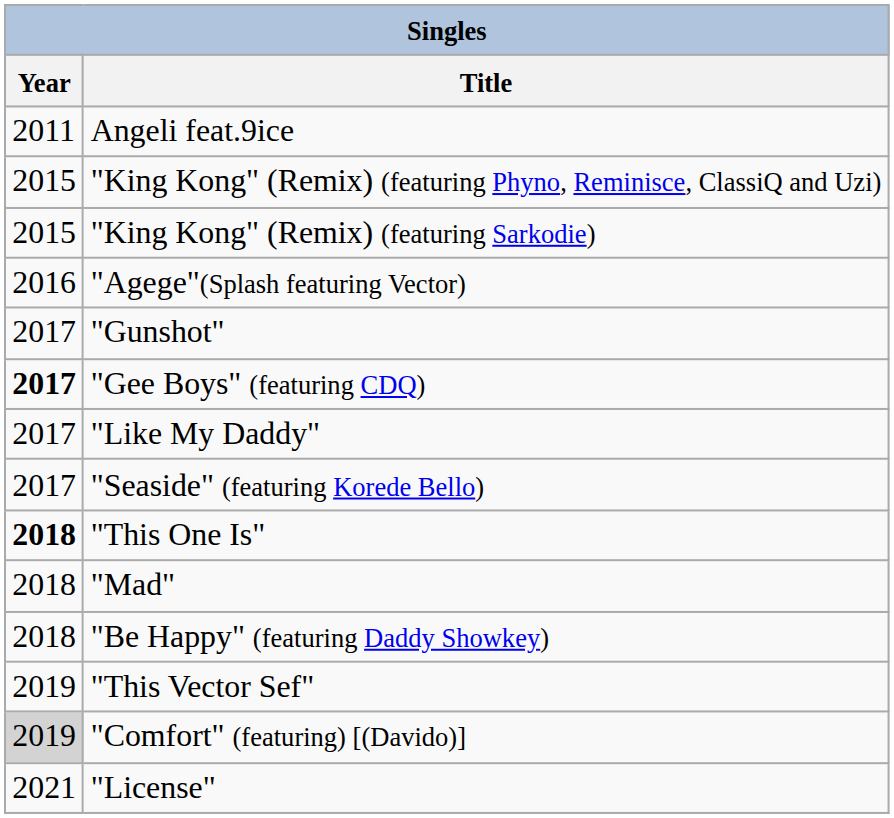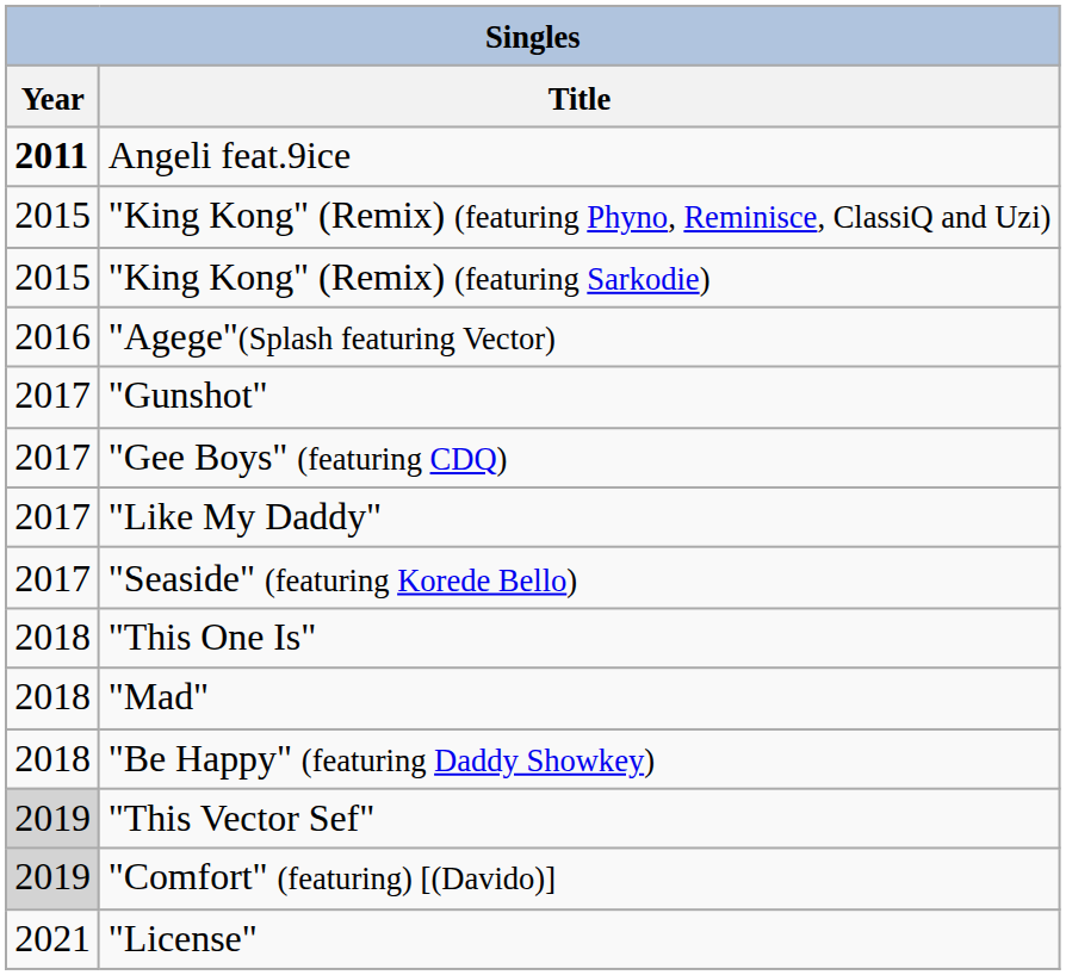 <table class="wikitable">
 <tr style="background:#ccc; text-align:center;">
 <th colspan="3" style="background: LightSteelBlue;"><small>Singles</small></th>
 </tr>
 <tr style="background:#ccc; text-align:center;">
 <th><small>Year</small></th>
 <th><small>Title</small></th>
 </tr>
 <tr>
-<td>2011</td>
+<td><strong>2011</strong></td>
 <td>Angeli feat.9ice</td>
 </tr>
 <tr>
 <td>2015</td>
 <td>"King Kong" (Remix) <small>(featuring <a href='#'>Phyno</a>, <a href='#'>Reminisce</a>, ClassiQ and Uzi)</small></td>
 </tr>
 <tr>
 <td>2015</td>
 <td>"King Kong" (Remix) <small>(featuring <a href='#'>Sarkodie</a>)</small> <small></small></td>
 </tr>
 <tr>
 <td>2016</td>
 <td>"Agege"<small>(Splash featuring Vector)</small></td>
 </tr>
 <tr>
 <td>2017</td>
 <td>"Gunshot"</td>
 </tr>
 <tr>
-<td><strong>2017</strong></td>
+<td>2017</td>
 <td>"Gee Boys" <small>(featuring <a href='#'>CDQ</a>)</small></td>
 </tr>
 <tr>
 <td>2017</td>
 <td>"Like My Daddy"</td>
 </tr>
 <tr>
 <td>2017</td>
 <td>"Seaside" <small>(featuring <a href='#'>Korede Bello</a>)</small></td>
 </tr>
 <tr>
-<td><strong>2018</strong></td>
+<td>2018</td>
 <td>"This One Is"</td>
 </tr>
 <tr>
 <td>2018</td>
 <td>"Mad"</td>
 </tr>
 <tr>
 <td>2018</td>
 <td>"Be Happy" <small>(featuring <a href='#'>Daddy Showkey</a>)</small></td>
 </tr>
 <tr>
-<td>2019</td>
+<td style="background: lightgrey;">2019</td>
 <td>"This Vector Sef"</td>
 </tr>
 <tr>
 <td style="background: lightgrey;">2019</td>
 <td>"Comfort" <small> (featuring) [(Davido)]</small></td>
 </tr>
 <tr>
 <td>2021</td>
 <td>"License"</td>
 </tr>
 </table>
